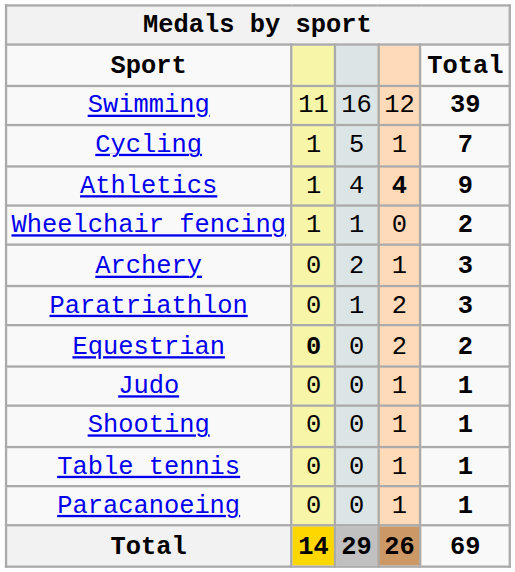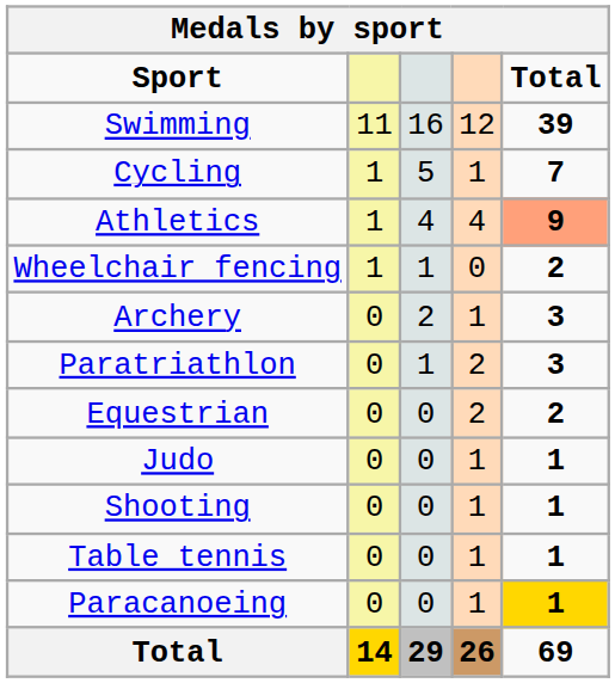 <table class="wikitable" style="font-size:85%; float:right;">
 <tr style="background:#efefef;">
 <th colspan=7>Medals by sport</th>
 </tr>
 <tr align=center>
 <td><strong>Sport</strong></td>
 <td style="background:#f7f6a8;"></td>
 <td style="background:#dce5e5;"></td>
 <td style="background:#ffdab9;"></td>
 <td><strong>Total</strong></td>
 </tr>
 <tr align=center>
 <td><a href='#'>Swimming</a></td>
 <td style="background:#f7f6a8;">11</td>
 <td style="background:#dce5e5;">16</td>
 <td style="background:#ffdab9;">12</td>
 <td><strong>39</strong></td>
 </tr>
 <tr align=center>
 <td><a href='#'>Cycling</a></td>
 <td style="background:#f7f6a8;">1</td>
 <td style="background:#dce5e5;">5</td>
 <td style="background:#ffdab9;">1</td>
 <td><strong>7</strong></td>
 </tr>
 <tr align=center>
 <td><a href='#'>Athletics</a></td>
 <td style="background:#f7f6a8;">1</td>
 <td style="background:#dce5e5;">4</td>
-<td style="background:#ffdab9;"><strong>4</strong></td>
-<td><strong>9</strong></td>
+<td style="background:#ffdab9;">4</td>
+<td style="background: lightsalmon;"><strong>9</strong></td>
 </tr>
 <tr align=center>
 <td><a href='#'>Wheelchair fencing</a></td>
 <td style="background:#f7f6a8;">1</td>
 <td style="background:#dce5e5;">1</td>
 <td style="background:#ffdab9;">0</td>
 <td><strong>2</strong></td>
 </tr>
 <tr align=center>
 <td><a href='#'>Archery</a></td>
 <td style="background:#f7f6a8;">0</td>
 <td style="background:#dce5e5;">2</td>
 <td style="background:#ffdab9;">1</td>
 <td><strong>3</strong></td>
 </tr>
 <tr align=center>
 <td><a href='#'>Paratriathlon</a></td>
 <td style="background:#f7f6a8;">0</td>
 <td style="background:#dce5e5;">1</td>
 <td style="background:#ffdab9;">2</td>
 <td><strong>3</strong></td>
 </tr>
 <tr align=center>
 <td><a href='#'>Equestrian</a></td>
-<td style="background:#f7f6a8;"><strong>0</strong></td>
+<td style="background:#f7f6a8;">0</td>
 <td style="background:#dce5e5;">0</td>
 <td style="background:#ffdab9;">2</td>
 <td><strong>2</strong></td>
 </tr>
 <tr align=center>
 <td><a href='#'>Judo</a></td>
 <td style="background:#f7f6a8;">0</td>
 <td style="background:#dce5e5;">0</td>
 <td style="background:#ffdab9;">1</td>
 <td><strong>1</strong></td>
 </tr>
 <tr align=center>
 <td><a href='#'>Shooting</a></td>
 <td style="background:#f7f6a8;">0</td>
 <td style="background:#dce5e5;">0</td>
 <td style="background:#ffdab9;">1</td>
 <td><strong>1</strong></td>
 </tr>
 <tr align=center>
 <td><a href='#'>Table tennis</a></td>
 <td style="background:#f7f6a8;">0</td>
 <td style="background:#dce5e5;">0</td>
 <td style="background:#ffdab9;">1</td>
 <td><strong>1</strong></td>
 </tr>
 <tr align=center>
 <td><a href='#'>Paracanoeing</a></td>
 <td style="background:#f7f6a8;">0</td>
 <td style="background:#dce5e5;">0</td>
 <td style="background:#ffdab9;">1</td>
-<td><strong>1</strong></td>
+<td style="background: gold;"><strong>1</strong></td>
 </tr>
 <tr align=center>
 <th>Total</th>
 <td style="background:gold;"><strong>14</strong></td>
 <td style="background:silver;"><strong>29</strong></td>
 <td style="background:#c96;"><strong>26</strong></td>
 <td><strong>69</strong></td>
 </tr>
 </table>
